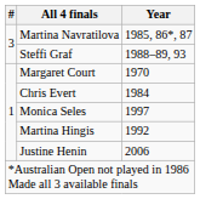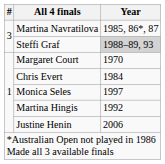 <table class="wikitable" style="display:inline-table;">
 <tr>
 <th>#</th>
 <th>All 4 finals</th>
 <th>Year</th>
 </tr>
 <tr>
 <td rowspan=2>3</td>
 <td> Martina Navratilova</td>
 <td>1985, 86*, 87</td>
 </tr>
 <tr>
 <td> Steffi Graf</td>
-<td>1988–89, 93</td>
+<td style="background: lightgrey;">1988–89, 93</td>
 </tr>
 <tr>
 <td rowspan=5>1</td>
 <td> Margaret Court</td>
 <td>1970</td>
 </tr>
 <tr>
 <td> Chris Evert</td>
 <td>1984</td>
 </tr>
 <tr>
 <td> Monica Seles</td>
 <td>1997</td>
 </tr>
 <tr>
 <td> Martina Hingis</td>
 <td>1992</td>
 </tr>
 <tr>
 <td> Justine Henin</td>
 <td>2006</td>
 </tr>
 <tr>
 <td colspan=3>*Australian Open not played in 1986<br>Made all 3 available finals</td>
 </tr>
 </table>
